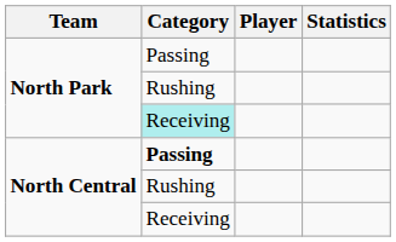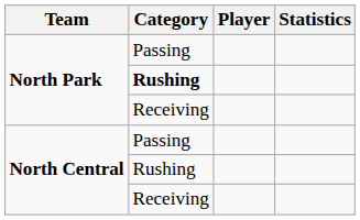 <table class="wikitable" style="float: left;">
 <tr>
 <th>Team</th>
 <th>Category</th>
 <th>Player</th>
 <th>Statistics</th>
 </tr>
 <tr>
 <td rowspan=3><strong>North Park</strong></td>
 <td>Passing</td>
 <td></td>
 <td></td>
 </tr>
 <tr>
-<td>Rushing</td>
+<td><strong>Rushing</strong></td>
 <td></td>
 <td></td>
 </tr>
 <tr>
-<td style="background: paleturquoise;">Receiving</td>
+<td>Receiving</td>
 <td></td>
 <td></td>
 </tr>
 <tr>
 <td rowspan=3><strong>North Central</strong></td>
-<td><strong>Passing</strong></td>
+<td>Passing</td>
 <td></td>
 <td></td>
 </tr>
 <tr>
 <td>Rushing</td>
 <td></td>
 <td></td>
 </tr>
 <tr>
 <td>Receiving</td>
 <td></td>
 <td></td>
 </tr>
 </table>
